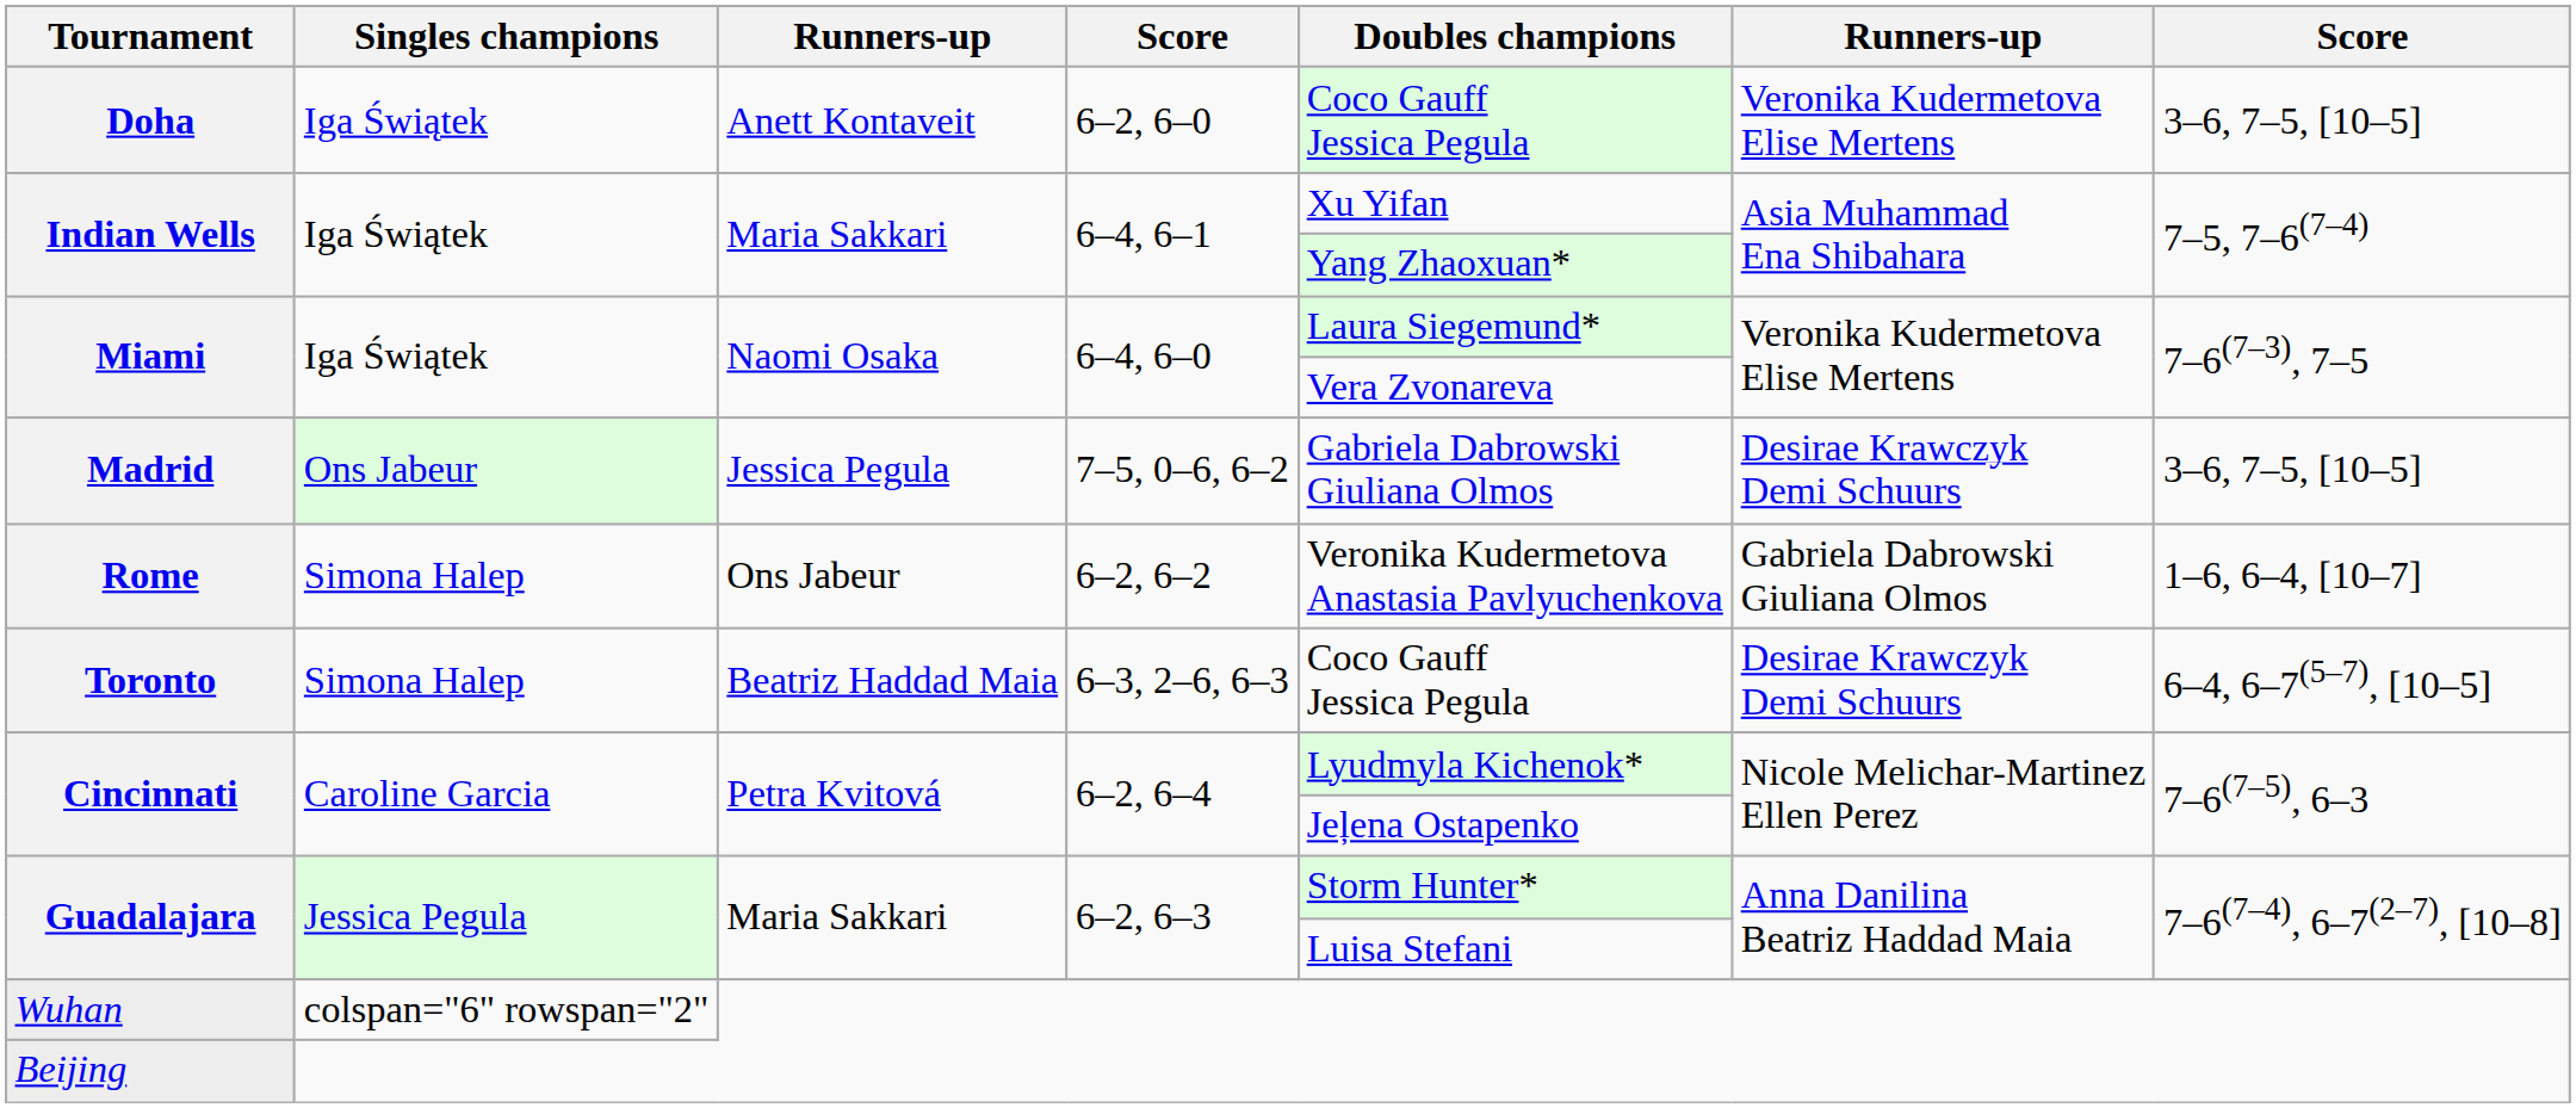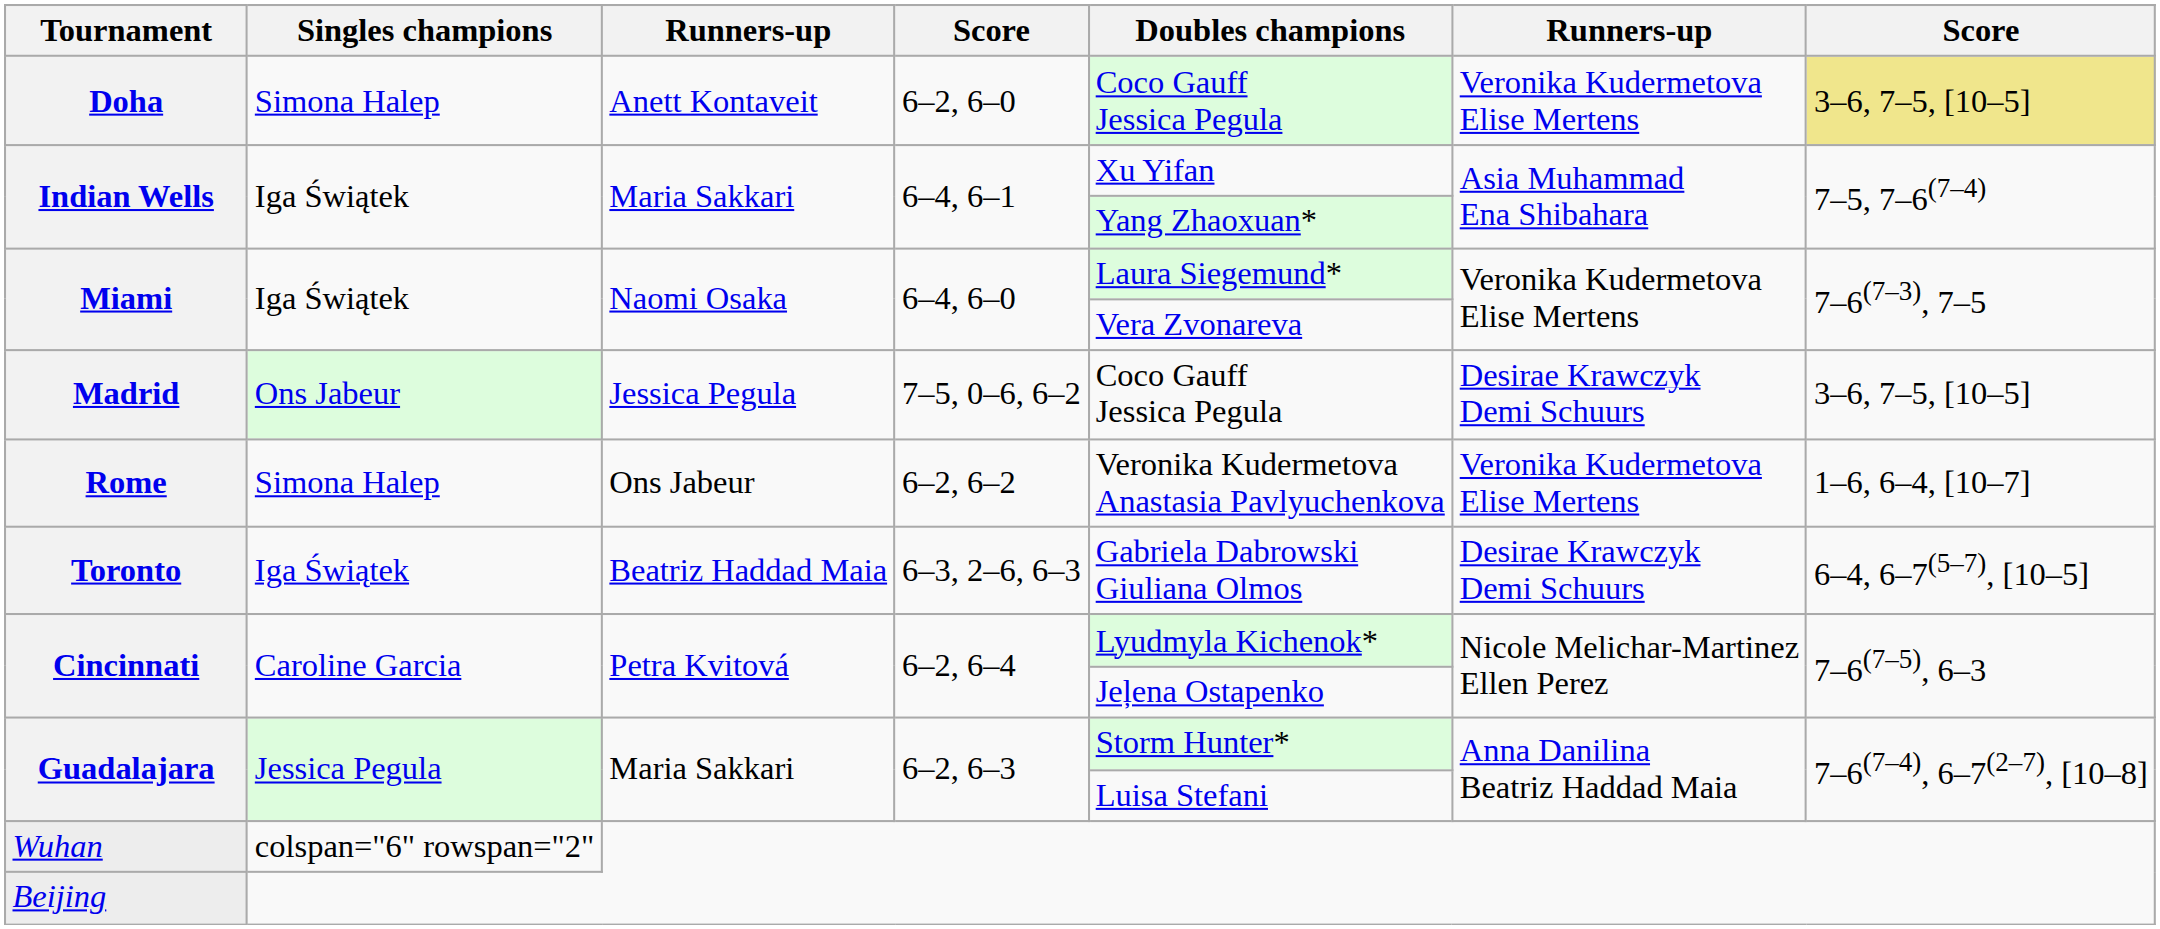 <table class="wikitable plainrowheaders">
 <tr>
 <th scope="col" style="min-width:7em">Tournament</th>
 <th scope="col">Singles champions</th>
 <th scope="col">Runners-up</th>
 <th scope="col">Score</th>
 <th scope="col">Doubles champions</th>
 <th scope="col">Runners-up</th>
 <th scope="col">Score</th>
 </tr>
 <tr>
 <th scope="row"><strong><a href='#'>Doha</a></strong><br></th>
-<td> <a href='#'>Iga Świątek</a></td>
+<td> <a href='#'>Simona Halep</a></td>
 <td> <a href='#'>Anett Kontaveit</a></td>
 <td>6–2, 6–0</td>
 <td style="background:#ddfddd"> <a href='#'>Coco Gauff</a> <br>  <a href='#'>Jessica Pegula</a></td>
 <td> <a href='#'>Veronika Kudermetova</a> <br>  <a href='#'>Elise Mertens</a></td>
-<td>3–6, 7–5, [10–5]</td>
+<td style="background: khaki;">3–6, 7–5, [10–5]</td>
 </tr>
 <tr>
 <th scope="row" rowspan=2><strong><a href='#'>Indian Wells</a></strong><br></th>
 <td rowspan="2"> Iga Świątek</td>
 <td rowspan="2"> <a href='#'>Maria Sakkari</a></td>
 <td rowspan="2">6–4, 6–1</td>
 <td> <a href='#'>Xu Yifan</a></td>
 <td rowspan="2"> <a href='#'>Asia Muhammad</a> <br>  <a href='#'>Ena Shibahara</a></td>
 <td rowspan="2">7–5, 7–6<sup>(7–4)</sup></td>
 </tr>
 <tr>
 <td style="background:#ddfddd"> <a href='#'>Yang Zhaoxuan</a>*</td>
 </tr>
 <tr>
 <th scope="row" rowspan=2><strong><a href='#'>Miami</a></strong><br></th>
 <td rowspan="2"> Iga Świątek</td>
 <td rowspan="2"> <a href='#'>Naomi Osaka</a></td>
 <td rowspan="2">6–4, 6–0</td>
 <td style="background:#ddfddd"> <a href='#'>Laura Siegemund</a>*</td>
 <td rowspan="2"> Veronika Kudermetova <br>  Elise Mertens</td>
 <td rowspan="2">7–6<sup>(7–3)</sup>, 7–5</td>
 </tr>
 <tr>
 <td> <a href='#'>Vera Zvonareva</a></td>
 </tr>
 <tr>
 <th scope="row"><strong><a href='#'>Madrid</a></strong><br></th>
 <td style="background:#ddfddd"> <a href='#'>Ons Jabeur</a></td>
 <td> <a href='#'>Jessica Pegula</a></td>
 <td>7–5, 0–6, 6–2</td>
-<td> <a href='#'>Gabriela Dabrowski</a> <br>  <a href='#'>Giuliana Olmos</a></td>
+<td> Coco Gauff <br>  Jessica Pegula</td>
 <td> <a href='#'>Desirae Krawczyk</a> <br>  <a href='#'>Demi Schuurs</a></td>
 <td>3–6, 7–5, [10–5]</td>
 </tr>
 <tr>
 <th scope="row"><strong><a href='#'>Rome</a></strong><br></th>
 <td> <a href='#'>Simona Halep</a></td>
 <td> Ons Jabeur</td>
 <td>6–2, 6–2</td>
 <td> Veronika Kudermetova <br>  <a href='#'>Anastasia Pavlyuchenkova</a></td>
-<td> Gabriela Dabrowski <br>  Giuliana Olmos</td>
+<td> <a href='#'>Veronika Kudermetova</a> <br>  <a href='#'>Elise Mertens</a></td>
 <td>1–6, 6–4, [10–7]</td>
 </tr>
 <tr>
 <th scope="row"><strong><a href='#'>Toronto</a></strong><br></th>
-<td> <a href='#'>Simona Halep</a></td>
+<td> <a href='#'>Iga Świątek</a></td>
 <td> <a href='#'>Beatriz Haddad Maia</a></td>
 <td>6–3, 2–6, 6–3</td>
-<td> Coco Gauff <br>  Jessica Pegula</td>
+<td> <a href='#'>Gabriela Dabrowski</a> <br>  <a href='#'>Giuliana Olmos</a></td>
 <td> <a href='#'>Desirae Krawczyk</a> <br>  <a href='#'>Demi Schuurs</a></td>
 <td>6–4, 6–7<sup>(5–7)</sup>, [10–5]</td>
 </tr>
 <tr>
 <th scope="row" rowspan=2><strong><a href='#'>Cincinnati</a></strong><br></th>
 <td rowspan="2"> <a href='#'>Caroline Garcia</a></td>
 <td rowspan="2"> <a href='#'>Petra Kvitová</a></td>
 <td rowspan="2">6–2, 6–4</td>
 <td style="background:#ddfddd"> <a href='#'>Lyudmyla Kichenok</a>*</td>
 <td rowspan="2"> Nicole Melichar-Martinez <br>  Ellen Perez</td>
 <td rowspan="2">7–6<sup>(7–5)</sup>, 6–3</td>
 </tr>
 <tr>
 <td> <a href='#'>Jeļena Ostapenko</a></td>
 </tr>
 <tr>
 <th scope="row" rowspan=2><strong><a href='#'>Guadalajara</a></strong><br></th>
 <td style="background:#ddfddd;" rowspan=2> <a href='#'>Jessica Pegula</a></td>
 <td rowspan=2> Maria Sakkari</td>
 <td rowspan=2>6–2, 6–3</td>
 <td style="background:#ddfddd"> <a href='#'>Storm Hunter</a>*</td>
 <td rowspan="2"> <a href='#'>Anna Danilina</a><br>  Beatriz Haddad Maia</td>
 <td rowspan="2">7–6<sup>(7–4)</sup>, 6–7<sup>(2–7)</sup>, [10–8]</td>
 </tr>
 <tr>
 <td> <a href='#'>Luisa Stefani</a></td>
 </tr>
 <tr>
 <td style="background:#ededed"><em><a href='#'>Wuhan</a></em></td>
 <td>colspan="6" rowspan="2" </td>
 </tr>
 <tr>
 <td style="background:#ededed"><em><a href='#'>Beijing</a></em></td>
 </tr>
 </table>
